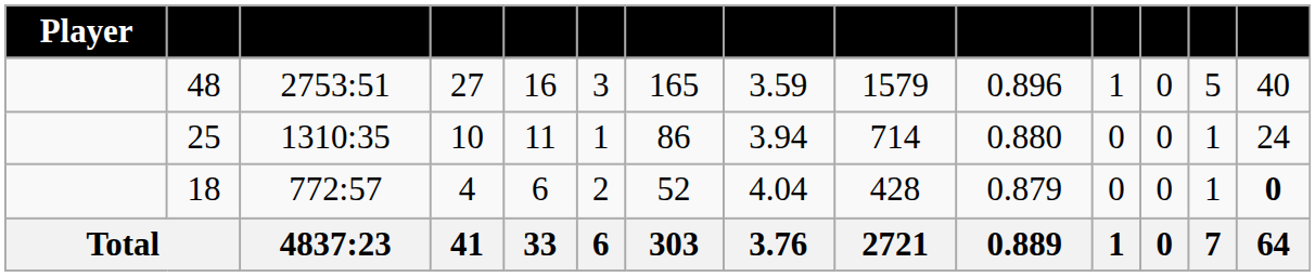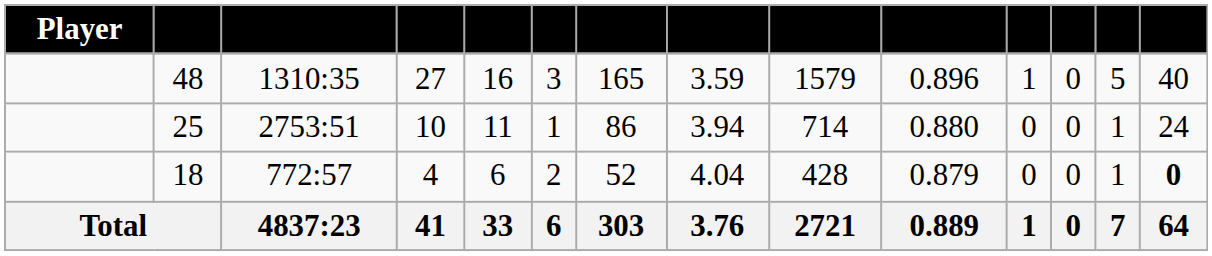 <table class="wikitable sortable" style="width:100%; text-align:center;">
 <tr>
 <th style="color:white; background:#000000; ">Player</th>
 <th style="color:white; background:#000000; "></th>
 <th style="color:white; background:#000000; "></th>
 <th style="color:white; background:#000000; "></th>
 <th style="color:white; background:#000000; "></th>
 <th style="color:white; background:#000000; "></th>
 <th style="color:white; background:#000000; "></th>
 <th style="color:white; background:#000000; "></th>
 <th style="color:white; background:#000000; "></th>
 <th style="color:white; background:#000000; "></th>
 <th style="color:white; background:#000000; "></th>
 <th style="color:white; background:#000000; "></th>
 <th style="color:white; background:#000000; "></th>
 <th style="color:white; background:#000000; "></th>
 </tr>
 <tr>
 <td></td>
 <td>48</td>
-<td>2753:51</td>
+<td>1310:35</td>
 <td>27</td>
 <td>16</td>
 <td>3</td>
 <td>165</td>
 <td>3.59</td>
 <td>1579</td>
 <td>0.896</td>
 <td>1</td>
 <td>0</td>
 <td>5</td>
 <td>40</td>
 </tr>
 <tr>
 <td></td>
 <td>25</td>
-<td>1310:35</td>
+<td>2753:51</td>
 <td>10</td>
 <td>11</td>
 <td>1</td>
 <td>86</td>
 <td>3.94</td>
 <td>714</td>
 <td>0.880</td>
 <td>0</td>
 <td>0</td>
 <td>1</td>
 <td>24</td>
 </tr>
 <tr>
 <td></td>
 <td>18</td>
 <td>772:57</td>
 <td>4</td>
 <td>6</td>
 <td>2</td>
 <td>52</td>
 <td>4.04</td>
 <td>428</td>
 <td>0.879</td>
 <td>0</td>
 <td>0</td>
 <td>1</td>
 <td><strong>0</strong></td>
 </tr>
 <tr class="sortbotom">
 <th colspan=2>Total</th>
 <th>4837:23</th>
 <th>41</th>
 <th>33</th>
 <th>6</th>
 <th>303</th>
 <th>3.76</th>
 <th>2721</th>
 <th>0.889</th>
 <th>1</th>
 <th>0</th>
 <th>7</th>
 <th>64</th>
 </tr>
 </table>
